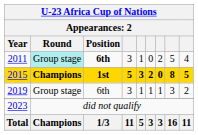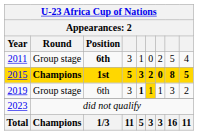 <table class="wikitable" style="text-align: center;">
 <tr>
 <th colspan=9><a href='#'>U-23 Africa Cup of Nations</a></th>
 </tr>
 <tr>
 <th colspan=9>Appearances: 2</th>
 </tr>
 <tr>
 <th>Year</th>
 <th>Round</th>
 <th>Position</th>
 <th></th>
 <th></th>
 <th></th>
 <th></th>
 <th></th>
 <th></th>
 </tr>
 <tr>
 <td> <a href='#'>2011</a></td>
-<td style="background: paleturquoise;">Group stage</td>
+<td>Group stage</td>
 <td><strong>6th</strong></td>
 <td>3</td>
 <td>1</td>
 <td>0</td>
 <td>2</td>
 <td>5</td>
 <td>4</td>
 </tr>
 <tr bgcolor=gold>
 <td> <a href='#'>2015</a></td>
 <td><strong>Champions</strong></td>
 <td><strong>1st</strong></td>
 <td><strong>5</strong></td>
 <td><strong>3</strong></td>
 <td><strong>2</strong></td>
 <td><strong>0</strong></td>
 <td><strong>8</strong></td>
 <td><strong>5</strong></td>
 </tr>
 <tr>
 <td> <a href='#'>2019</a></td>
 <td>Group stage</td>
 <td>6th</td>
 <td>3</td>
-<td>1</td>
-<td>1</td>
+<td><strong>1</strong></td>
+<td style="background: gold;">1</td>
 <td>1</td>
 <td>3</td>
 <td>2</td>
 </tr>
 <tr bgcolor=gold>
 </tr>
 <tr>
 <td> <a href='#'>2023</a></td>
 <td colspan=8><em>did not qualify</em></td>
 </tr>
 <tr>
 <th>Total</th>
 <th>Champions</th>
 <th>1/3</th>
 <th>11</th>
 <th>5</th>
 <th>3</th>
 <th>3</th>
 <th>16</th>
 <th>11</th>
 </tr>
 </table>
